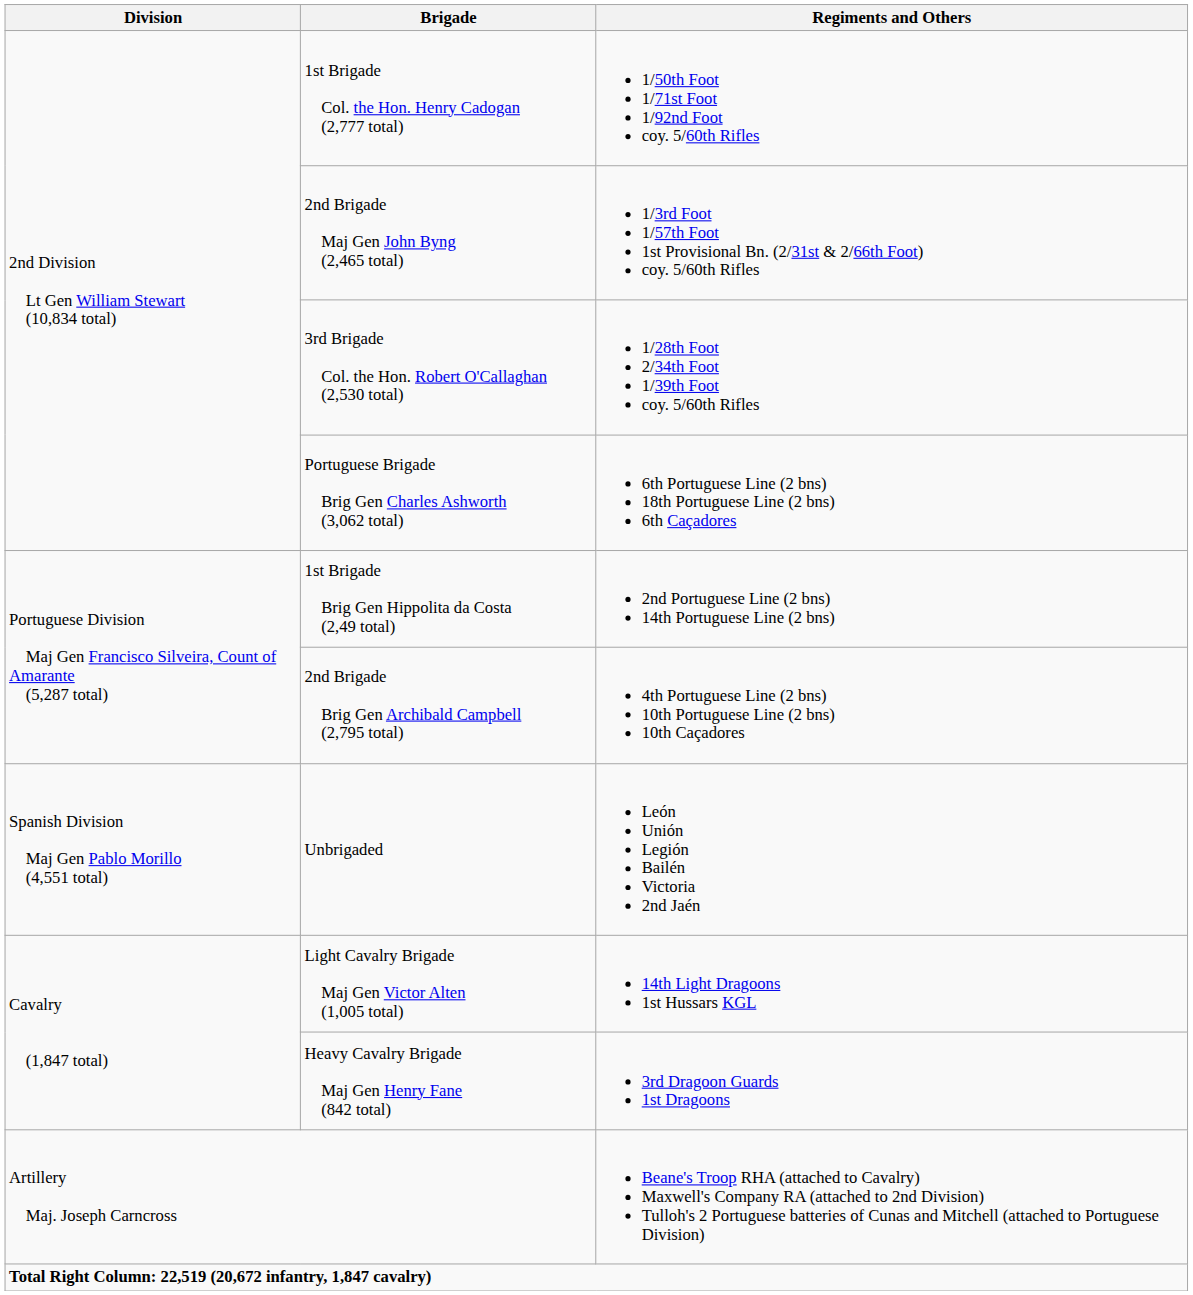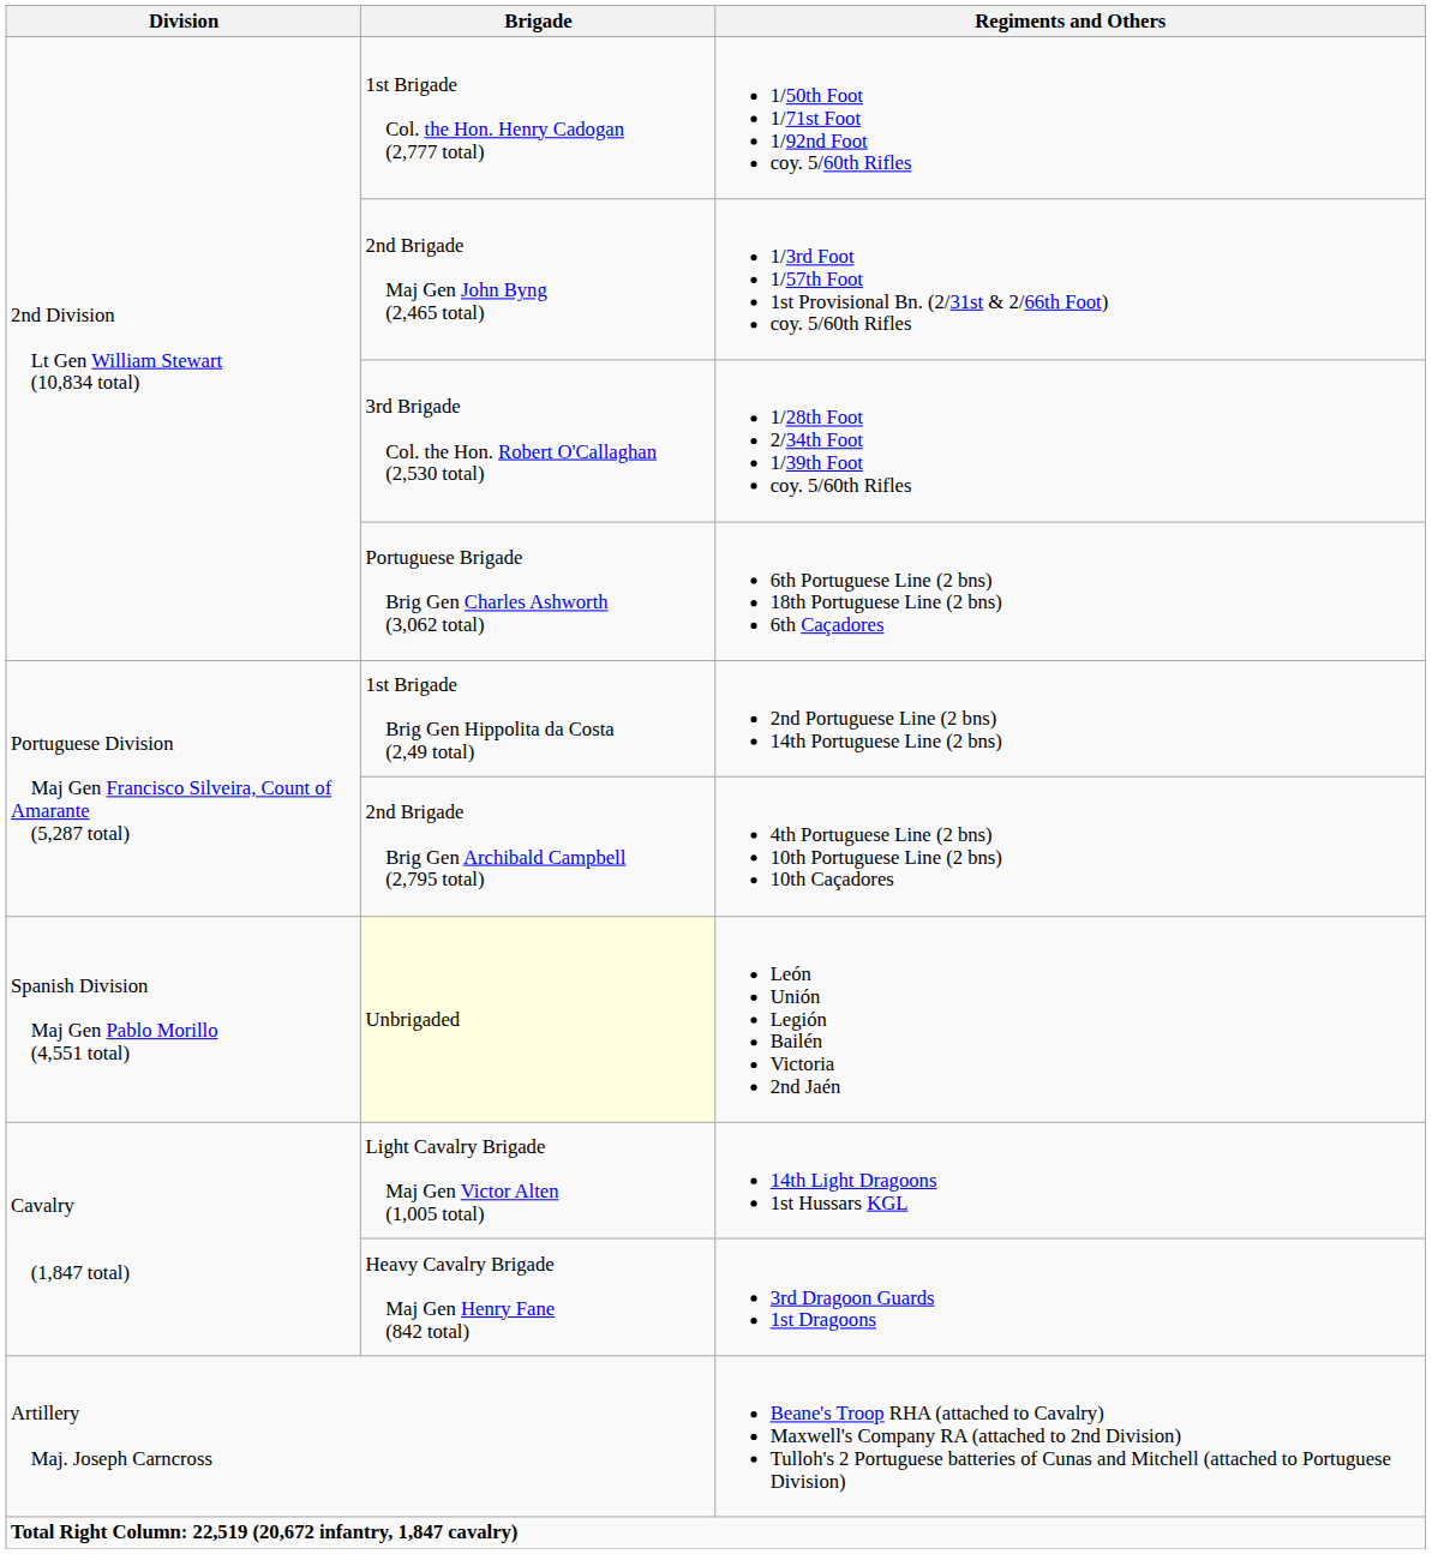 <table class="wikitable" width="90%" style="margin: 1em auto 1em auto">
 <tr>
 <th style="width:25%;">Division</th>
 <th style="width:25%;">Brigade</th>
 <th>Regiments and Others</th>
 </tr>
 <tr>
 <td rowspan=4>2nd Division<br><br>    Lt Gen <a href='#'>William Stewart</a> <br>    (10,834 total)</td>
 <td>1st Brigade<br><br>    Col. <a href='#'>the Hon. Henry Cadogan</a> <br>    (2,777 total)</td>
 <td><br><ul><li>1/<a href='#'>50th Foot</a></li><li>1/<a href='#'>71st Foot</a></li><li>1/<a href='#'>92nd Foot</a></li><li>coy. 5/<a href='#'>60th Rifles</a></li></ul></td>
 </tr>
 <tr>
 <td>2nd Brigade<br><br>    Maj Gen <a href='#'>John Byng</a> <br>    (2,465 total)</td>
 <td><br><ul><li>1/<a href='#'>3rd Foot</a></li><li>1/<a href='#'>57th Foot</a></li><li>1st Provisional Bn. (2/<a href='#'>31st</a> & 2/<a href='#'>66th Foot</a>)</li><li>coy. 5/60th Rifles</li></ul></td>
 </tr>
 <tr>
 <td>3rd Brigade<br><br>    Col. the Hon. <a href='#'>Robert O'Callaghan</a> <br>    (2,530 total)</td>
 <td><br><ul><li>1/<a href='#'>28th Foot</a></li><li>2/<a href='#'>34th Foot</a></li><li>1/<a href='#'>39th Foot</a></li><li>coy. 5/60th Rifles</li></ul></td>
 </tr>
 <tr>
 <td>Portuguese Brigade<br><br>    Brig Gen <a href='#'>Charles Ashworth</a> <br>    (3,062 total)</td>
 <td><br><ul><li>6th Portuguese Line (2 bns)</li><li>18th Portuguese Line (2 bns)</li><li>6th <a href='#'>Caçadores</a></li></ul></td>
 </tr>
 <tr>
 <td rowspan=2>Portuguese Division<br><br>    Maj Gen <a href='#'>Francisco Silveira, Count of Amarante</a> <br>    (5,287 total)</td>
 <td>1st Brigade<br><br>    Brig Gen Hippolita da Costa <br>    (2,49 total)</td>
 <td><br><ul><li>2nd Portuguese Line (2 bns)</li><li>14th Portuguese Line (2 bns)</li></ul></td>
 </tr>
 <tr>
 <td>2nd Brigade<br><br>    Brig Gen <a href='#'>Archibald Campbell</a> <br>    (2,795 total)</td>
 <td><br><ul><li>4th Portuguese Line (2 bns)</li><li>10th Portuguese Line (2 bns)</li><li>10th Caçadores</li></ul></td>
 </tr>
 <tr>
 <td>Spanish Division <br><br>    Maj Gen <a href='#'>Pablo Morillo</a> <br>    (4,551 total)</td>
-<td>Unbrigaded</td>
+<td style="background: lightyellow;">Unbrigaded</td>
 <td><br><ul><li>León</li><li>Unión</li><li>Legión</li><li>Bailén</li><li>Victoria</li><li>2nd Jaén</li></ul></td>
 </tr>
 <tr>
 <td rowspan=2>Cavalry<br><br>     <br>    (1,847 total)</td>
 <td>Light Cavalry Brigade<br><br>    Maj Gen <a href='#'>Victor Alten</a> <br>    (1,005 total)</td>
 <td><br><ul><li><a href='#'>14th Light Dragoons</a></li><li>1st Hussars <a href='#'>KGL</a></li></ul></td>
 </tr>
 <tr>
 <td>Heavy Cavalry Brigade<br><br>    Maj Gen <a href='#'>Henry Fane</a> <br>    (842 total)</td>
 <td><br><ul><li><a href='#'>3rd Dragoon Guards</a></li><li><a href='#'>1st Dragoons</a></li></ul></td>
 </tr>
 <tr>
 <td colspan=2>Artillery<br><br>    Maj. Joseph Carncross</td>
 <td><br><ul><li><a href='#'>Beane's Troop</a> RHA (attached to Cavalry)</li><li>Maxwell's Company RA (attached to 2nd Division)</li><li>Tulloh's 2 Portuguese batteries of Cunas and Mitchell (attached to Portuguese Division)</li></ul></td>
 </tr>
 <tr>
 <td colspan=3><strong>Total Right Column: 22,519 (20,672 infantry, 1,847 cavalry)</strong></td>
 </tr>
 </table>
